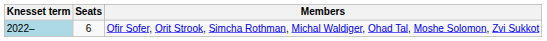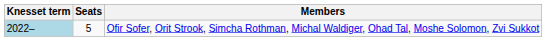 <table class="wikitable">
 <tr>
 <th>Knesset term</th>
 <th>Seats</th>
 <th>Members</th>
 </tr>
 <tr>
 <td style="background: lightblue;">2022–</td>
-<td align=center>6</td>
+<td align=center>5</td>
 <td><a href='#'>Ofir Sofer</a>, <a href='#'>Orit Strook</a>, <a href='#'>Simcha Rothman</a>, <a href='#'>Michal Waldiger</a>, <a href='#'>Ohad Tal</a>, <a href='#'>Moshe Solomon</a>, <a href='#'>Zvi Sukkot</a></td>
 </tr>
 </table>
